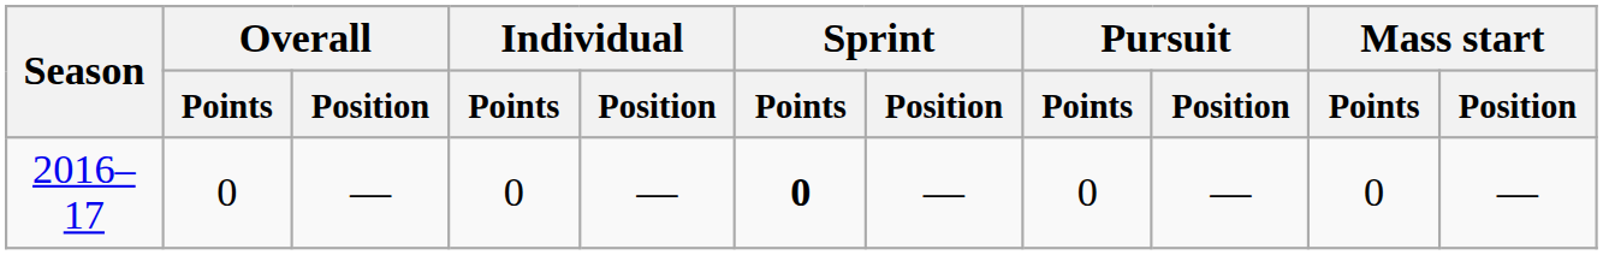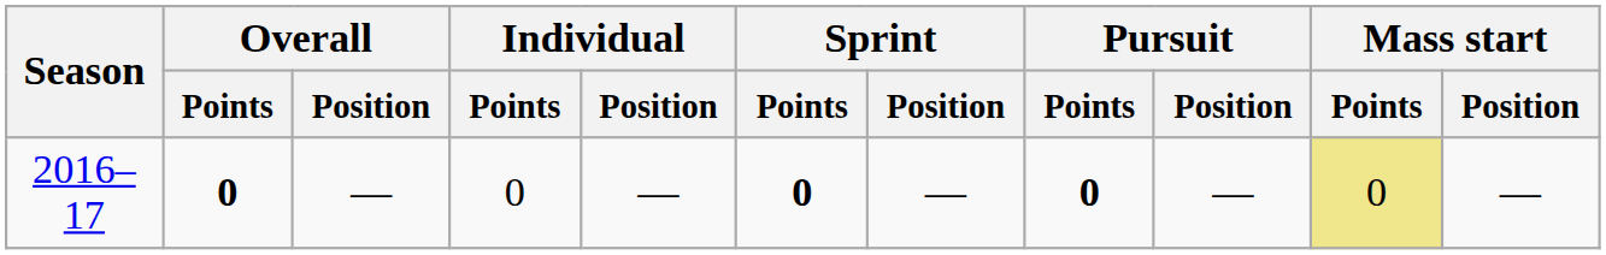 <table class="wikitable" style="text-align:center;" width="70%">
 <tr class="hintergrundfarbe5">
 <th rowspan="2" style="width:4%;">Season</th>
 <th colspan="2">Overall</th>
 <th colspan="2">Individual</th>
 <th colspan="2">Sprint</th>
 <th colspan="2">Pursuit</th>
 <th colspan="2">Mass start</th>
 </tr>
 <tr class="hintergrundfarbe5">
 <th style="width:5%;"><small>Points</small></th>
 <th style="width:5%;"><small>Position</small></th>
 <th style="width:5%;"><small>Points</small></th>
 <th style="width:5%;"><small>Position</small></th>
 <th style="width:5%;"><small>Points</small></th>
 <th style="width:5%;"><small>Position</small></th>
 <th style="width:5%;"><small>Points</small></th>
 <th style="width:5%;"><small>Position</small></th>
 <th style="width:5%;"><small>Points</small></th>
 <th style="width:5%;"><small>Position</small></th>
 </tr>
 <tr>
 <td><a href='#'>2016–17</a></td>
-<td>0</td>
+<td><strong>0</strong></td>
 <td>—</td>
 <td>0</td>
 <td>—</td>
 <td><strong>0</strong></td>
 <td>—</td>
-<td>0</td>
+<td><strong>0</strong></td>
 <td>—</td>
-<td>0</td>
+<td style="background: khaki;">0</td>
 <td>—</td>
 </tr>
 </table>
